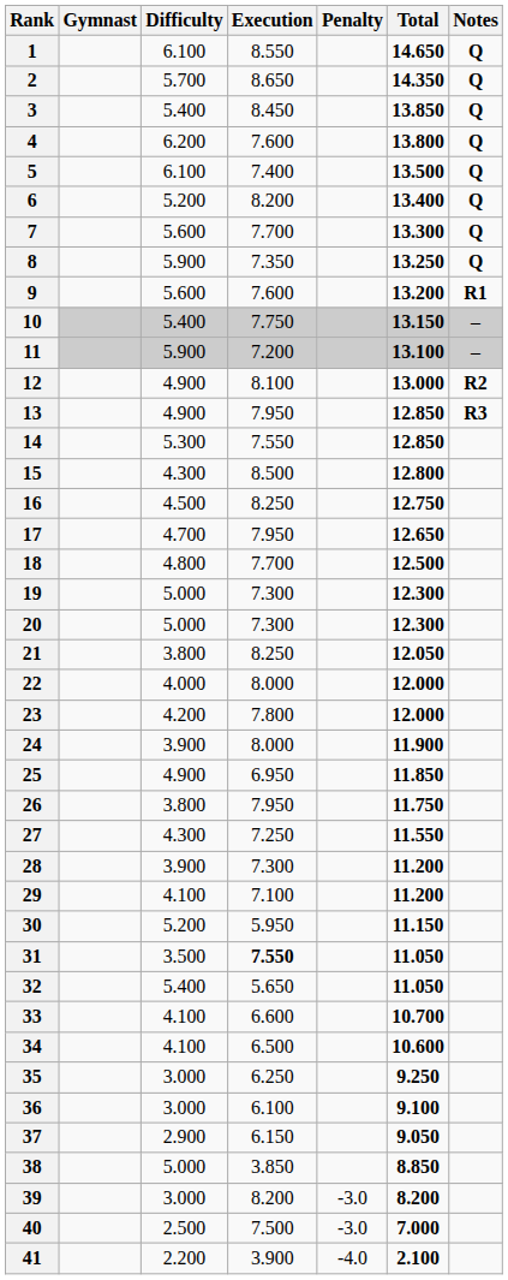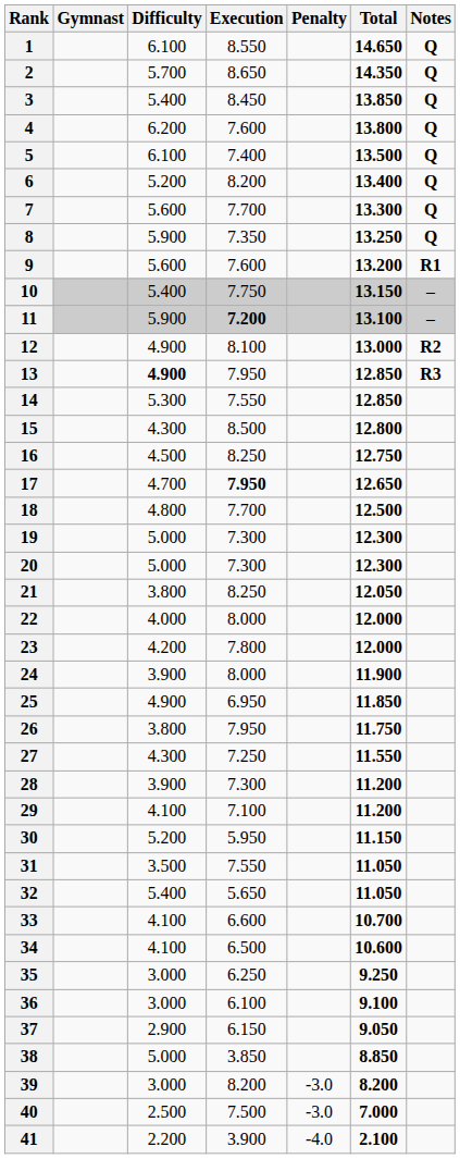 <table class="wikitable sortable" style="text-align:center">
 <tr>
 <th>Rank</th>
 <th>Gymnast</th>
 <th>Difficulty</th>
 <th>Execution</th>
 <th>Penalty</th>
 <th>Total</th>
 <th>Notes</th>
 </tr>
 <tr>
 <th scope=row>1</th>
 <td align=left></td>
 <td>6.100</td>
 <td>8.550</td>
 <td></td>
 <td><strong>14.650</strong></td>
 <td><strong>Q</strong></td>
 </tr>
 <tr>
 <th scope=row>2</th>
 <td align=left></td>
 <td>5.700</td>
 <td>8.650</td>
 <td></td>
 <td><strong>14.350</strong></td>
 <td><strong>Q</strong></td>
 </tr>
 <tr>
 <th scope=row>3</th>
 <td align=left></td>
 <td>5.400</td>
 <td>8.450</td>
 <td></td>
 <td><strong>13.850</strong></td>
 <td><strong>Q</strong></td>
 </tr>
 <tr>
 <th scope=row>4</th>
 <td align=left></td>
 <td>6.200</td>
 <td>7.600</td>
 <td></td>
 <td><strong>13.800</strong></td>
 <td><strong>Q</strong></td>
 </tr>
 <tr>
 <th scope=row>5</th>
 <td align=left></td>
 <td>6.100</td>
 <td>7.400</td>
 <td></td>
 <td><strong>13.500</strong></td>
 <td><strong>Q</strong></td>
 </tr>
 <tr>
 <th scope=row>6</th>
 <td align=left></td>
 <td>5.200</td>
 <td>8.200</td>
 <td></td>
 <td><strong>13.400 </strong></td>
 <td><strong>Q</strong></td>
 </tr>
 <tr>
 <th scope=row>7</th>
 <td align=left></td>
 <td>5.600</td>
 <td>7.700</td>
 <td></td>
 <td><strong>13.300</strong></td>
 <td><strong>Q</strong></td>
 </tr>
 <tr>
 <th scope=row>8</th>
 <td align=left></td>
 <td>5.900</td>
 <td>7.350</td>
 <td></td>
 <td><strong>13.250</strong></td>
 <td><strong>Q</strong></td>
 </tr>
 <tr>
 <th scope=row>9</th>
 <td align=left></td>
 <td>5.600</td>
 <td>7.600</td>
 <td></td>
 <td><strong>13.200</strong></td>
 <td><strong>R1</strong></td>
 </tr>
 <tr bgcolor="cccccc">
 <th scope=row>10</th>
 <td align=left></td>
 <td>5.400</td>
 <td>7.750</td>
 <td></td>
 <td><strong>13.150</strong></td>
 <td>–</td>
 </tr>
 <tr bgcolor="cccccc">
 <th scope=row>11</th>
 <td align=left></td>
 <td>5.900</td>
-<td>7.200</td>
+<td><strong>7.200</strong></td>
 <td></td>
 <td><strong>13.100</strong></td>
 <td>–</td>
 </tr>
 <tr>
 <th scope=row>12</th>
 <td align=left></td>
 <td>4.900</td>
 <td>8.100</td>
 <td></td>
 <td><strong>13.000</strong></td>
 <td><strong>R2</strong></td>
 </tr>
 <tr>
 <th scope=row>13</th>
 <td align=left></td>
-<td>4.900</td>
+<td><strong>4.900</strong></td>
 <td>7.950</td>
 <td></td>
 <td><strong>12.850</strong></td>
 <td><strong>R3</strong></td>
 </tr>
 <tr>
 <th scope=row>14</th>
 <td align=left></td>
 <td>5.300</td>
 <td>7.550</td>
 <td></td>
 <td><strong>12.850</strong></td>
 <td></td>
 </tr>
 <tr>
 <th scope=row>15</th>
 <td align=left></td>
 <td>4.300</td>
 <td>8.500</td>
 <td></td>
 <td><strong>12.800</strong></td>
 <td></td>
 </tr>
 <tr>
 <th scope=row>16</th>
 <td align=left></td>
 <td>4.500</td>
 <td>8.250</td>
 <td></td>
 <td><strong>12.750</strong></td>
 <td></td>
 </tr>
 <tr>
 <th scope=row>17</th>
 <td align=left></td>
 <td>4.700</td>
-<td>7.950</td>
+<td><strong>7.950</strong></td>
 <td></td>
 <td><strong>12.650</strong></td>
 <td></td>
 </tr>
 <tr>
 <th scope=row>18</th>
 <td align=left></td>
 <td>4.800</td>
 <td>7.700</td>
 <td></td>
 <td><strong>12.500</strong></td>
 <td></td>
 </tr>
 <tr>
 <th scope=row>19</th>
 <td align=left></td>
 <td>5.000</td>
 <td>7.300</td>
 <td></td>
 <td><strong>12.300</strong></td>
 <td></td>
 </tr>
 <tr>
 <th scope=row>20</th>
 <td align=left></td>
 <td>5.000</td>
 <td>7.300</td>
 <td></td>
 <td><strong>12.300</strong></td>
 <td></td>
 </tr>
 <tr>
 <th scope=row>21</th>
 <td align=left></td>
 <td>3.800</td>
 <td>8.250</td>
 <td></td>
 <td><strong>12.050</strong></td>
 <td></td>
 </tr>
 <tr>
 <th scope=row>22</th>
 <td align=left></td>
 <td>4.000</td>
 <td>8.000</td>
 <td></td>
 <td><strong>12.000</strong></td>
 <td></td>
 </tr>
 <tr>
 <th scope=row>23</th>
 <td align=left></td>
 <td>4.200</td>
 <td>7.800</td>
 <td></td>
 <td><strong>12.000</strong></td>
 <td></td>
 </tr>
 <tr>
 <th scope=row>24</th>
 <td align=left></td>
 <td>3.900</td>
 <td>8.000</td>
 <td></td>
 <td><strong>11.900</strong></td>
 <td></td>
 </tr>
 <tr>
 <th scope=row>25</th>
 <td align=left></td>
 <td>4.900</td>
 <td>6.950</td>
 <td></td>
 <td><strong>11.850</strong></td>
 <td></td>
 </tr>
 <tr>
 <th scope=row>26</th>
 <td align=left></td>
 <td>3.800</td>
 <td>7.950</td>
 <td></td>
 <td><strong>11.750</strong></td>
 <td></td>
 </tr>
 <tr>
 <th scope=row>27</th>
 <td align=left></td>
 <td>4.300</td>
 <td>7.250</td>
 <td></td>
 <td><strong>11.550</strong></td>
 <td></td>
 </tr>
 <tr>
 <th scope=row>28</th>
 <td align=left></td>
 <td>3.900</td>
 <td>7.300</td>
 <td></td>
 <td><strong>11.200</strong></td>
 <td></td>
 </tr>
 <tr>
 <th scope=row>29</th>
 <td align=left></td>
 <td>4.100</td>
 <td>7.100</td>
 <td></td>
 <td><strong>11.200</strong></td>
 <td></td>
 </tr>
 <tr>
 <th scope=row>30</th>
 <td align=left></td>
 <td>5.200</td>
 <td>5.950</td>
 <td></td>
 <td><strong>11.150</strong></td>
 <td></td>
 </tr>
 <tr>
 <th scope=row>31</th>
 <td align=left></td>
 <td>3.500</td>
-<td><strong>7.550</strong></td>
+<td>7.550</td>
 <td></td>
 <td><strong>11.050</strong></td>
 <td></td>
 </tr>
 <tr>
 <th scope=row>32</th>
 <td align=left></td>
 <td>5.400</td>
 <td>5.650</td>
 <td></td>
 <td><strong>11.050</strong></td>
 <td></td>
 </tr>
 <tr>
 <th scope=row>33</th>
 <td align=left></td>
 <td>4.100</td>
 <td>6.600</td>
 <td></td>
 <td><strong>10.700</strong></td>
 <td></td>
 </tr>
 <tr>
 <th scope=row>34</th>
 <td align=left></td>
 <td>4.100</td>
 <td>6.500</td>
 <td></td>
 <td><strong>10.600 </strong></td>
 <td></td>
 </tr>
 <tr>
 <th scope=row>35</th>
 <td align=left></td>
 <td>3.000</td>
 <td>6.250</td>
 <td></td>
 <td><strong>9.250</strong></td>
 <td></td>
 </tr>
 <tr>
 <th scope=row>36</th>
 <td align=left></td>
 <td>3.000</td>
 <td>6.100</td>
 <td></td>
 <td><strong>9.100</strong></td>
 <td></td>
 </tr>
 <tr>
 <th scope=row>37</th>
 <td align=left></td>
 <td>2.900</td>
 <td>6.150</td>
 <td></td>
 <td><strong>9.050</strong></td>
 <td></td>
 </tr>
 <tr>
 <th scope=row>38</th>
 <td align=left></td>
 <td>5.000</td>
 <td>3.850</td>
 <td></td>
 <td><strong>8.850</strong></td>
 <td></td>
 </tr>
 <tr>
 <th scope=row>39</th>
 <td align=left></td>
 <td>3.000</td>
 <td>8.200</td>
 <td>-3.0</td>
 <td><strong>8.200</strong></td>
 <td></td>
 </tr>
 <tr>
 <th scope=row>40</th>
 <td align=left></td>
 <td>2.500</td>
 <td>7.500</td>
 <td>-3.0</td>
 <td><strong>7.000</strong></td>
 <td></td>
 </tr>
 <tr>
 <th scope=row>41</th>
 <td align=left></td>
 <td>2.200</td>
 <td>3.900</td>
 <td>-4.0</td>
 <td><strong>2.100</strong></td>
 <td></td>
 </tr>
 </table>
